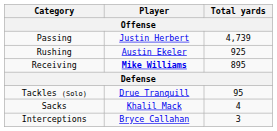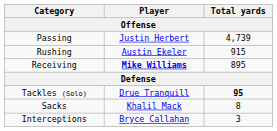 <table class="wikitable" style="text-align:center">
 <tr>
 <th width="150">Category</th>
 <th width="150">Player</th>
 <th width="100">Total yards</th>
 </tr>
 <tr>
 <th align="center" colspan="4">Offense</th>
 </tr>
 <tr>
 <td>Passing</td>
 <td><a href='#'>Justin Herbert</a></td>
 <td>4,739</td>
 </tr>
 <tr>
 <td>Rushing</td>
 <td><a href='#'>Austin Ekeler</a></td>
-<td>925</td>
+<td>915</td>
 </tr>
 <tr>
 <td>Receiving</td>
 <td><strong><a href='#'>Mike Williams</a></strong></td>
 <td>895</td>
 </tr>
 <tr>
 <th align="center" colspan="4">Defense</th>
 </tr>
 <tr>
 <td>Tackles <small>(Solo)</small></td>
 <td><a href='#'>Drue Tranquill</a></td>
-<td>95</td>
+<td><strong>95</strong></td>
 </tr>
 <tr>
 <td>Sacks</td>
 <td><a href='#'>Khalil Mack</a></td>
-<td>4</td>
+<td>8</td>
 </tr>
 <tr>
 <td>Interceptions</td>
 <td><a href='#'>Bryce Callahan</a></td>
 <td>3</td>
 </tr>
 </table>
